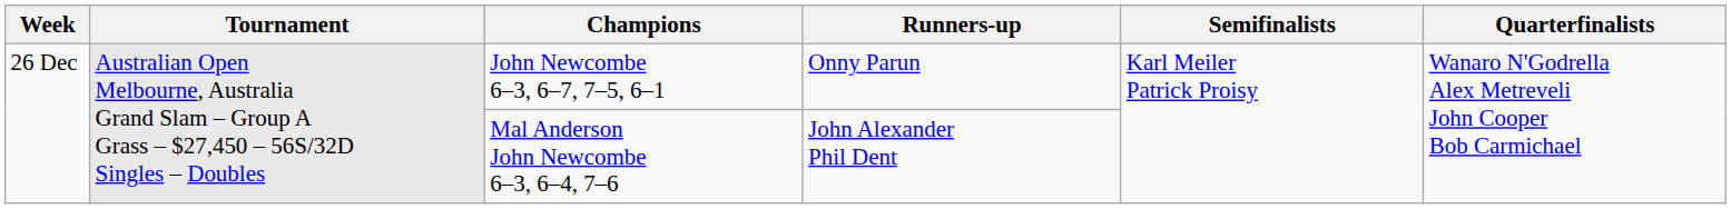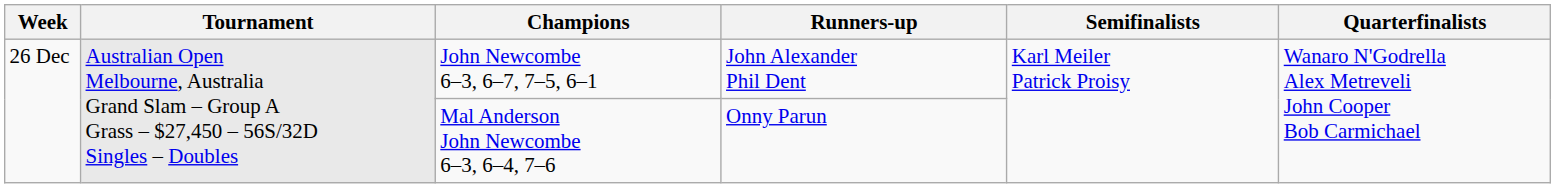 <table class=wikitable style=font-size:95%>
 <tr>
 <th style="width:48px;">Week</th>
 <th style="width:250px;">Tournament</th>
 <th style="width:200px;">Champions</th>
 <th style="width:200px;">Runners-up</th>
 <th style="width:190px;">Semifinalists</th>
 <th style="width:190px;">Quarterfinalists</th>
 </tr>
 <tr valign=top>
 <td rowspan=2>26 Dec</td>
 <td style="background:#E9E9E9;" rowspan="2"><a href='#'>Australian Open</a><br> <a href='#'>Melbourne</a>, Australia <br> Grand Slam – Group A <br> Grass – $27,450 – 56S/32D <br> <a href='#'>Singles</a> – <a href='#'>Doubles</a></td>
 <td> <a href='#'>John Newcombe</a> <br> 6–3, 6–7, 7–5, 6–1</td>
-<td> <a href='#'>Onny Parun</a></td>
+<td> <a href='#'>John Alexander</a> <br>  <a href='#'>Phil Dent</a></td>
 <td rowspan=2> <a href='#'>Karl Meiler</a> <br>  <a href='#'>Patrick Proisy</a></td>
 <td rowspan=2> <a href='#'>Wanaro N'Godrella</a> <br>  <a href='#'>Alex Metreveli</a> <br>  <a href='#'>John Cooper</a> <br>  <a href='#'>Bob Carmichael</a></td>
 </tr>
 <tr valign=top>
 <td> <a href='#'>Mal Anderson</a> <br>  <a href='#'>John Newcombe</a> <br> 6–3, 6–4, 7–6</td>
-<td> <a href='#'>John Alexander</a> <br>  <a href='#'>Phil Dent</a></td>
+<td> <a href='#'>Onny Parun</a></td>
 </tr>
 </table>
